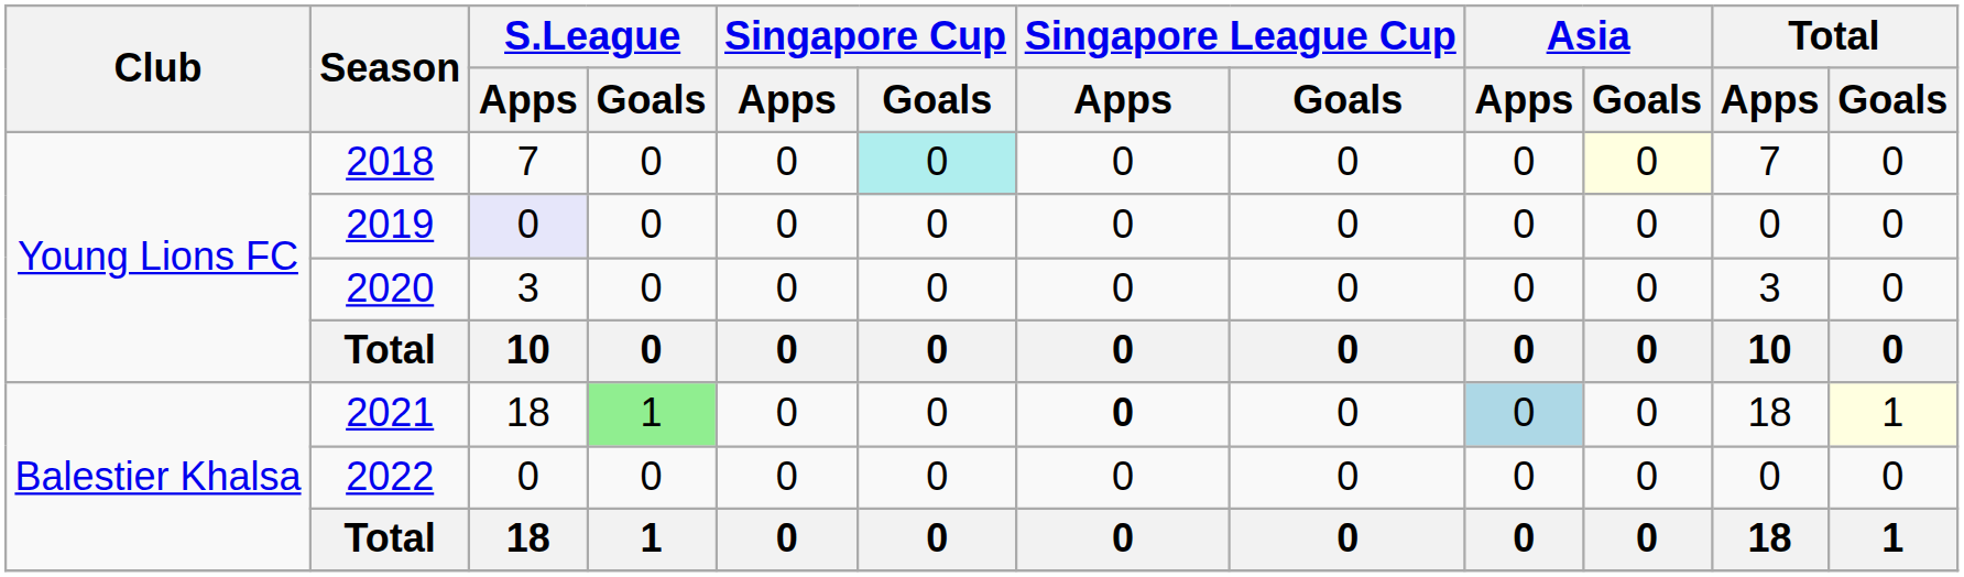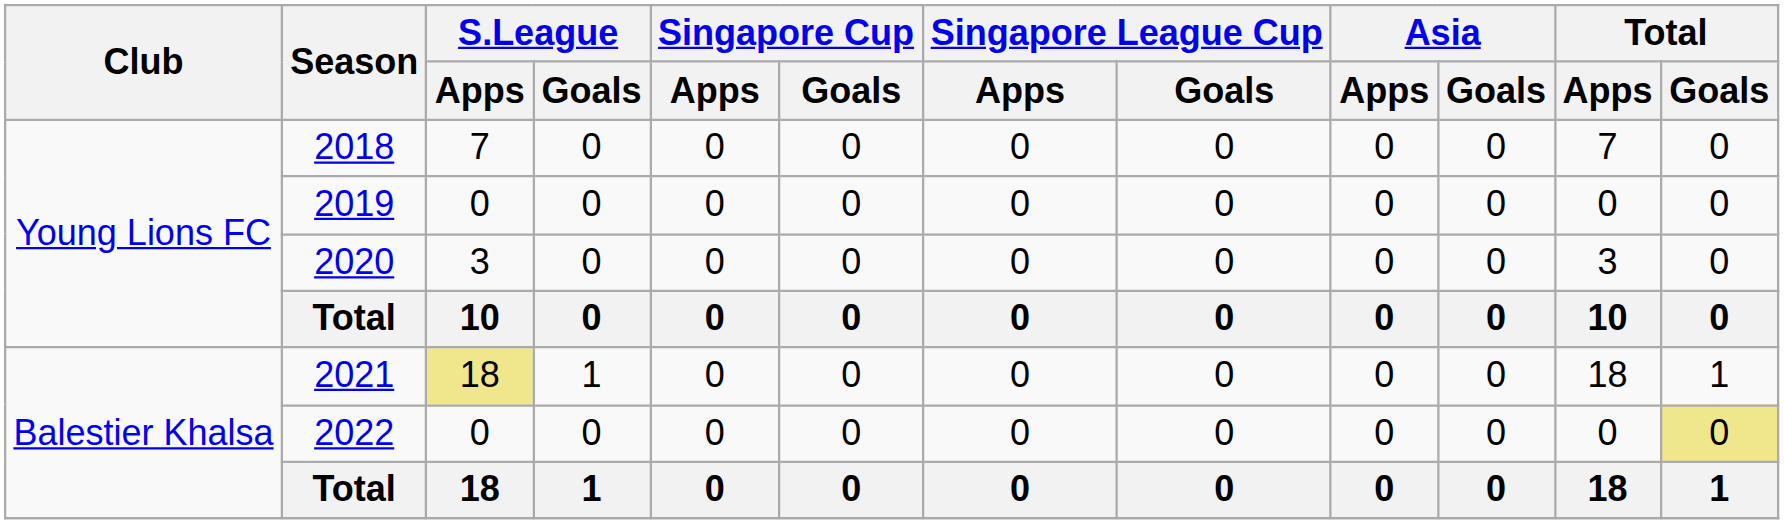 <table style="text-align:center" class="wikitable">
 <tr>
 <th rowspan="2">Club</th>
 <th rowspan="2">Season</th>
 <th colspan="2"><a href='#'>S.League</a></th>
 <th colspan="2"><a href='#'>Singapore Cup</a></th>
 <th colspan="2"><a href='#'>Singapore League Cup</a></th>
 <th colspan="2"><a href='#'>Asia</a></th>
 <th colspan="2">Total</th>
 </tr>
 <tr>
 <th>Apps</th>
 <th>Goals</th>
 <th>Apps</th>
 <th>Goals</th>
 <th>Apps</th>
 <th>Goals</th>
 <th>Apps</th>
 <th>Goals</th>
 <th>Apps</th>
 <th>Goals</th>
 </tr>
 <tr>
 <td rowspan="4"><a href='#'>Young Lions FC</a></td>
 <td><a href='#'>2018</a></td>
 <td>7</td>
 <td>0</td>
 <td>0</td>
-<td style="background: paleturquoise;">0</td>
 <td>0</td>
 <td>0</td>
 <td>0</td>
-<td style="background: lightyellow;">0</td>
+<td>0</td>
+<td>0</td>
 <td>7</td>
 <td>0</td>
 </tr>
 <tr>
 <td><a href='#'>2019</a></td>
-<td style="background: lavender;">0</td>
+<td>0</td>
 <td>0</td>
 <td>0</td>
 <td>0</td>
 <td>0</td>
 <td>0</td>
 <td>0</td>
 <td>0</td>
 <td>0</td>
 <td>0</td>
 </tr>
 <tr>
 <td><a href='#'>2020</a></td>
 <td>3</td>
 <td>0</td>
 <td>0</td>
 <td>0</td>
 <td>0</td>
 <td>0</td>
 <td>0</td>
 <td>0</td>
 <td>3</td>
 <td>0</td>
 </tr>
 <tr>
 <th colspan=1>Total</th>
 <th>10</th>
 <th>0</th>
 <th>0</th>
 <th>0</th>
 <th>0</th>
 <th>0</th>
 <th>0</th>
 <th>0</th>
 <th>10</th>
 <th>0</th>
 </tr>
 <tr>
 <td rowspan="3"><a href='#'>Balestier Khalsa</a></td>
 <td><a href='#'>2021</a></td>
-<td>18</td>
-<td style="background: lightgreen;">1</td>
+<td style="background: khaki;">18</td>
+<td>1</td>
 <td>0</td>
 <td>0</td>
-<td><strong>0</strong></td>
 <td>0</td>
-<td style="background: lightblue;">0</td>
+<td>0</td>
+<td>0</td>
 <td>0</td>
 <td>18</td>
-<td style="background: lightyellow;">1</td>
+<td>1</td>
 </tr>
 <tr>
 <td><a href='#'>2022</a></td>
 <td>0</td>
 <td>0</td>
 <td>0</td>
 <td>0</td>
 <td>0</td>
 <td>0</td>
 <td>0</td>
 <td>0</td>
 <td>0</td>
-<td>0</td>
+<td style="background: khaki;">0</td>
 </tr>
 <tr>
 <th colspan=1>Total</th>
 <th>18</th>
 <th>1</th>
 <th>0</th>
 <th>0</th>
 <th>0</th>
 <th>0</th>
 <th>0</th>
 <th>0</th>
 <th>18</th>
 <th>1</th>
 </tr>
 <tr>
 </tr>
 </table>
